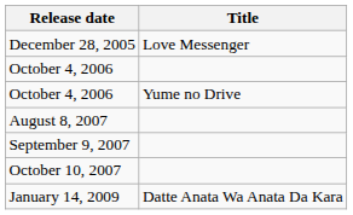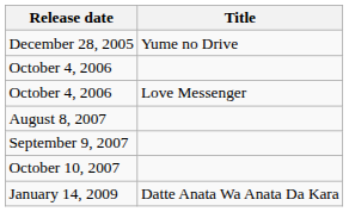 <table class="wikitable">
 <tr>
 <th>Release date</th>
 <th>Title</th>
 </tr>
 <tr>
 <td>December 28, 2005</td>
-<td>Love Messenger</td>
+<td>Yume no Drive</td>
 </tr>
 <tr>
 <td>October 4, 2006</td>
 <td></td>
 </tr>
 <tr>
 <td>October 4, 2006</td>
-<td>Yume no Drive</td>
+<td>Love Messenger</td>
 </tr>
 <tr>
 <td>August 8, 2007</td>
 <td></td>
 </tr>
 <tr>
 <td>September 9, 2007</td>
 <td></td>
 </tr>
 <tr>
 <td>October 10, 2007</td>
 <td></td>
 </tr>
 <tr>
 <td>January 14, 2009</td>
 <td>Datte Anata Wa Anata Da Kara</td>
 </tr>
 </table>
